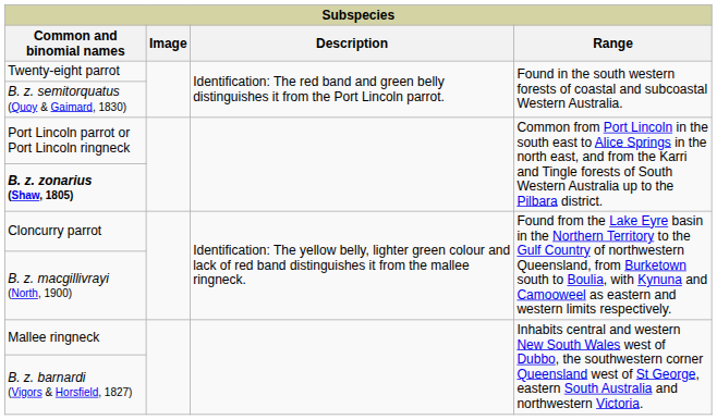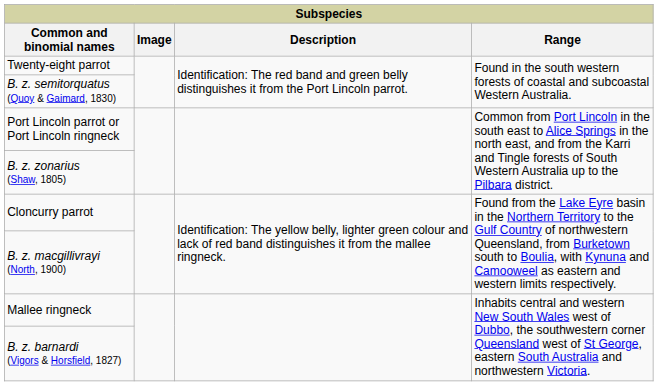 <table width = 98% class="wikitable">
 <tr>
 <th align="center" style="background-color: #D3D3A4" colspan ="4"><strong>Subspecies</strong></th>
 </tr>
 <tr>
 <th width = "20%">Common and binomial names</th>
 <th>Image</th>
 <th align="center">Description</th>
 <th width = "28%">Range</th>
 </tr>
 <tr>
 <td>Twenty-eight parrot</td>
 <td rowspan="2"></td>
 <td rowspan="2">Identification: The red band and green belly distinguishes it from the Port Lincoln parrot.</td>
 <td rowspan="2">Found in the south western forests of coastal and subcoastal Western Australia.</td>
 </tr>
 <tr>
 <td><em>B. z. semitorquatus</em><br><small>(<a href='#'>Quoy</a> & <a href='#'>Gaimard</a>, 1830)</small></td>
 </tr>
 <tr>
 <td>Port Lincoln parrot or<br>Port Lincoln ringneck</td>
 <td rowspan="2"></td>
 <td rowspan="2"></td>
 <td rowspan="2">Common from <a href='#'>Port Lincoln</a> in the south east to <a href='#'>Alice Springs</a> in the north east, and from the Karri and Tingle forests of South Western Australia up to the <a href='#'>Pilbara</a> district.</td>
 </tr>
 <tr>
-<td><strong><em>B. z. zonarius</em><br><small>(<a href='#'>Shaw</a>, 1805)<br></small></strong></td>
+<td><em>B. z. zonarius</em><br><small>(<a href='#'>Shaw</a>, 1805)<br></small></td>
 </tr>
 <tr>
 <td>Cloncurry parrot</td>
 <td rowspan="2"></td>
 <td rowspan="2">Identification: The yellow belly, lighter green colour and lack of red band distinguishes it from the mallee ringneck.</td>
 <td rowspan="2">Found from the <a href='#'>Lake Eyre</a> basin in the <a href='#'>Northern Territory</a> to the <a href='#'>Gulf Country</a> of northwestern Queensland, from <a href='#'>Burketown</a> south to <a href='#'>Boulia</a>, with <a href='#'>Kynuna</a> and <a href='#'>Camooweel</a> as eastern and western limits respectively.</td>
 </tr>
 <tr>
 <td><em>B. z. macgillivrayi</em><br><small>(<a href='#'>North</a>, 1900)</small></td>
 </tr>
 <tr>
 <td>Mallee ringneck</td>
 <td rowspan="2"></td>
 <td rowspan="2"></td>
 <td rowspan="2">Inhabits central and western <a href='#'>New South Wales</a> west of <a href='#'>Dubbo</a>, the southwestern corner <a href='#'>Queensland</a> west of <a href='#'>St George</a>, eastern <a href='#'>South Australia</a> and northwestern <a href='#'>Victoria</a>.</td>
 </tr>
 <tr>
 <td><em>B. z. barnardi</em><br><small>(<a href='#'>Vigors</a> & <a href='#'>Horsfield</a>, 1827)</small></td>
 </tr>
 </table>
